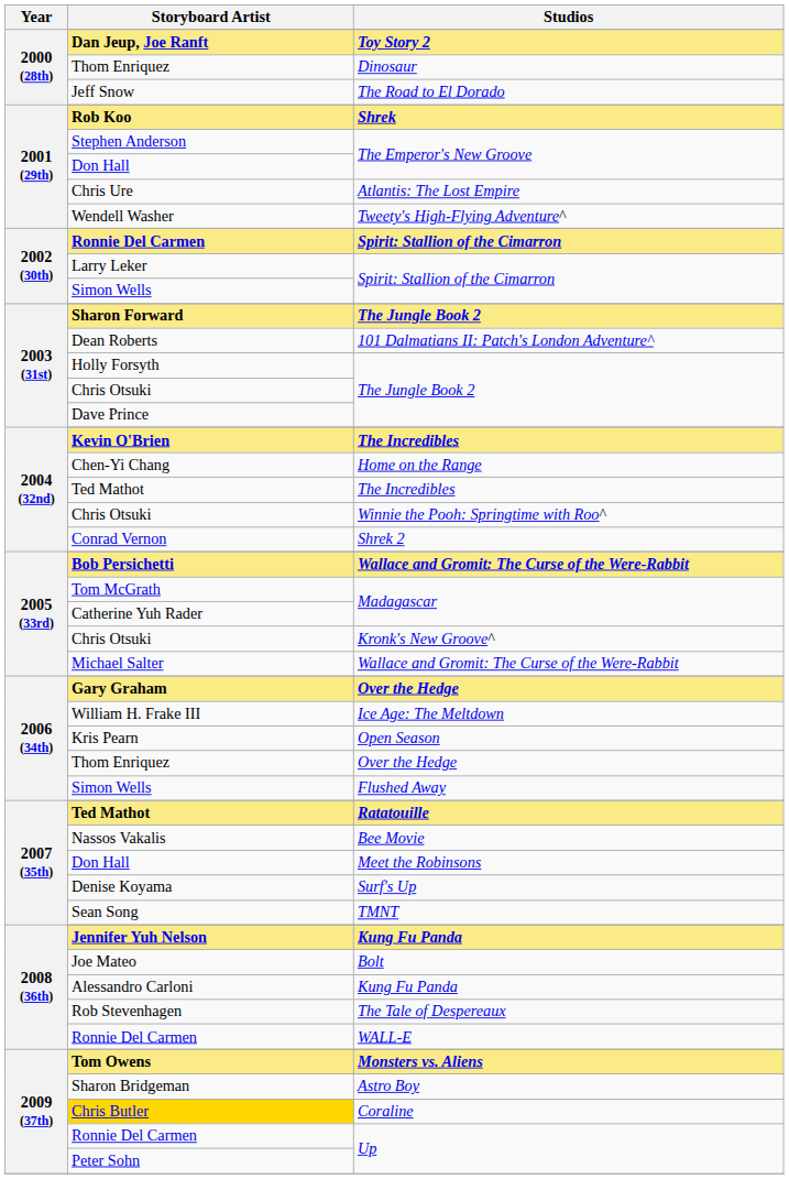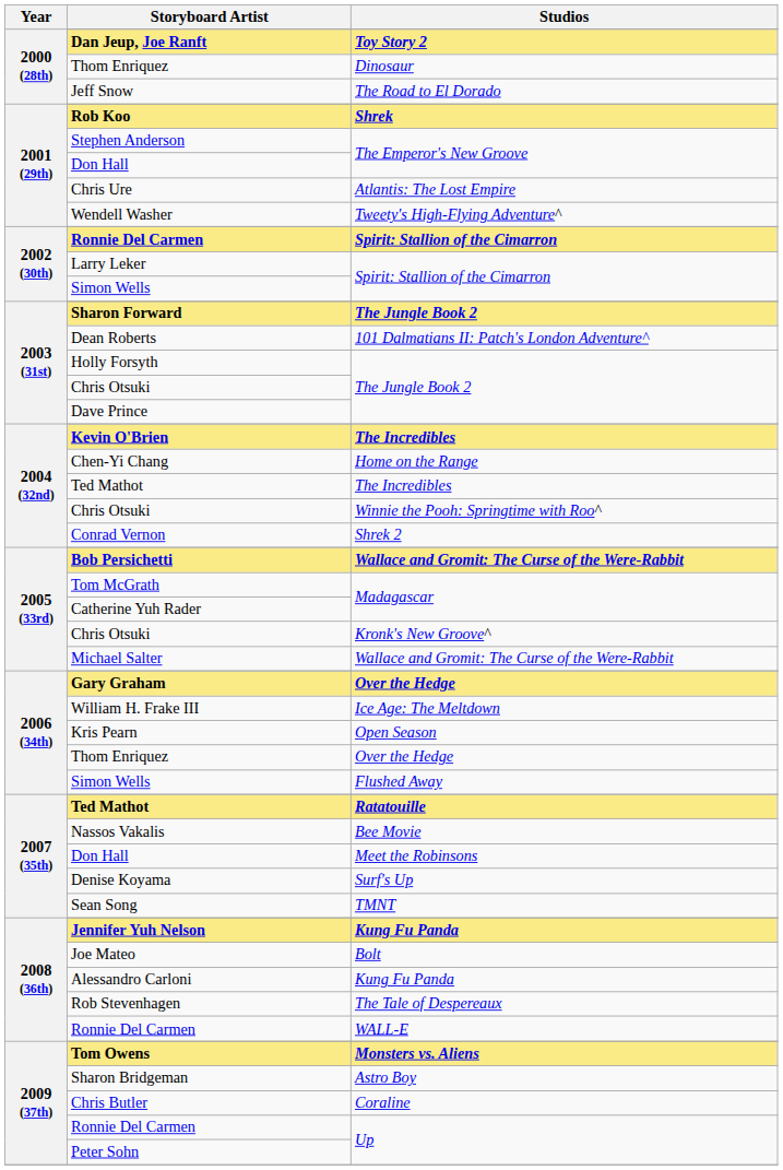 <table class="wikitable" style="width:90%;">
 <tr>
 <th style="width:3%;">Year</th>
 <th style="width:20%;">Storyboard Artist</th>
 <th style="width:30%;">Studios</th>
 </tr>
 <tr>
 <th rowspan="4" style="text-align:center;">2000 <br><small>(<a href='#'>28th</a>)</small><br></th>
 </tr>
 <tr>
 <td style="background:#FAEB86;"><strong>Dan Jeup, <a href='#'>Joe Ranft</a></strong></td>
 <td style="background:#FAEB86;"><strong><em><a href='#'>Toy Story 2</a></em></strong></td>
 </tr>
 <tr>
 <td>Thom Enriquez</td>
 <td><em><a href='#'>Dinosaur</a></em></td>
 </tr>
 <tr>
 <td>Jeff Snow</td>
 <td><em><a href='#'>The Road to El Dorado</a></em></td>
 </tr>
 <tr>
 <th rowspan="6" style="text-align:center;">2001 <br><small>(<a href='#'>29th</a>)</small><br></th>
 </tr>
 <tr>
 <td style="background:#FAEB86;"><strong>Rob Koo</strong></td>
 <td style="background:#FAEB86;"><strong><em><a href='#'>Shrek</a></em></strong></td>
 </tr>
 <tr>
 <td><a href='#'>Stephen Anderson</a></td>
 <td rowspan="2"><em><a href='#'>The Emperor's New Groove</a></em></td>
 </tr>
 <tr>
 <td><a href='#'>Don Hall</a></td>
 </tr>
 <tr>
 <td>Chris Ure</td>
 <td><em><a href='#'>Atlantis: The Lost Empire</a></em></td>
 </tr>
 <tr>
 <td>Wendell Washer</td>
 <td><em><a href='#'>Tweety's High-Flying Adventure</a></em>^</td>
 </tr>
 <tr>
 <th rowspan="4" style="text-align:center;">2002 <br><small>(<a href='#'>30th</a>)</small><br></th>
 </tr>
 <tr>
 <td style="background:#FAEB86;"><strong><a href='#'>Ronnie Del Carmen</a></strong></td>
 <td style="background:#FAEB86;"><strong><em><a href='#'>Spirit: Stallion of the Cimarron</a></em></strong></td>
 </tr>
 <tr>
 <td>Larry Leker</td>
 <td rowspan="2"><em><a href='#'>Spirit: Stallion of the Cimarron</a></em></td>
 </tr>
 <tr>
 <td><a href='#'>Simon Wells</a></td>
 </tr>
 <tr>
 <th rowspan="6" style="text-align:center;">2003 <br><small>(<a href='#'>31st</a>)</small><br></th>
 </tr>
 <tr>
 <td style="background:#FAEB86;"><strong>Sharon Forward</strong></td>
 <td style="background:#FAEB86;"><strong><em><a href='#'>The Jungle Book 2</a></em></strong></td>
 </tr>
 <tr>
 <td>Dean Roberts</td>
 <td><a href='#'><em>101 Dalmatians II: Patch's London Adventure^</em></a></td>
 </tr>
 <tr>
 <td>Holly Forsyth</td>
 <td rowspan="3"><em><a href='#'>The Jungle Book 2</a></em></td>
 </tr>
 <tr>
 <td>Chris Otsuki</td>
 </tr>
 <tr>
 <td>Dave Prince</td>
 </tr>
 <tr>
 <th rowspan="6" style="text-align:center;">2004 <br><small>(<a href='#'>32nd</a>)</small><br></th>
 </tr>
 <tr>
 <td style="background:#FAEB86;"><strong><a href='#'>Kevin O'Brien</a></strong></td>
 <td style="background:#FAEB86;"><strong><em><a href='#'>The Incredibles</a></em></strong></td>
 </tr>
 <tr>
 <td>Chen-Yi Chang</td>
 <td><em><a href='#'>Home on the Range</a></em></td>
 </tr>
 <tr>
 <td>Ted Mathot</td>
 <td><em><a href='#'>The Incredibles</a></em></td>
 </tr>
 <tr>
 <td>Chris Otsuki</td>
 <td><em><a href='#'>Winnie the Pooh: Springtime with Roo</a></em>^</td>
 </tr>
 <tr>
 <td><a href='#'>Conrad Vernon</a></td>
 <td><em><a href='#'>Shrek 2</a></em></td>
 </tr>
 <tr>
 <th rowspan="6" style="text-align:center;">2005 <br><small>(<a href='#'>33rd</a>)</small><br></th>
 </tr>
 <tr>
 <td style="background:#FAEB86;"><strong><a href='#'>Bob Persichetti</a></strong></td>
 <td style="background:#FAEB86;"><strong><em><a href='#'>Wallace and Gromit: The Curse of the Were-Rabbit</a></em></strong></td>
 </tr>
 <tr>
 <td><a href='#'>Tom McGrath</a></td>
 <td rowspan="2"><a href='#'><em>Madagascar</em></a></td>
 </tr>
 <tr>
 <td>Catherine Yuh Rader</td>
 </tr>
 <tr>
 <td>Chris Otsuki</td>
 <td><em><a href='#'>Kronk's New Groove</a></em>^</td>
 </tr>
 <tr>
 <td><a href='#'>Michael Salter</a></td>
 <td><em><a href='#'>Wallace and Gromit: The Curse of the Were-Rabbit</a></em></td>
 </tr>
 <tr>
 <th rowspan="6" style="text-align:center;">2006 <br><small>(<a href='#'>34th</a>)</small><br></th>
 </tr>
 <tr>
 <td style="background:#FAEB86;"><strong>Gary Graham</strong></td>
 <td style="background:#FAEB86;"><strong><em><a href='#'>Over the Hedge</a></em></strong></td>
 </tr>
 <tr>
 <td>William H. Frake III</td>
 <td><em><a href='#'>Ice Age: The Meltdown</a></em></td>
 </tr>
 <tr>
 <td>Kris Pearn</td>
 <td><em><a href='#'>Open Season</a></em></td>
 </tr>
 <tr>
 <td>Thom Enriquez</td>
 <td><em><a href='#'>Over the Hedge</a></em></td>
 </tr>
 <tr>
 <td><a href='#'>Simon Wells</a></td>
 <td><em><a href='#'>Flushed Away</a></em></td>
 </tr>
 <tr>
 <th rowspan="6" style="text-align:center;">2007 <br><small>(<a href='#'>35th</a>)</small><br></th>
 </tr>
 <tr>
 <td style="background:#FAEB86;"><strong>Ted Mathot</strong></td>
 <td style="background:#FAEB86;"><strong><em><a href='#'>Ratatouille</a></em></strong></td>
 </tr>
 <tr>
 <td>Nassos Vakalis</td>
 <td><em><a href='#'>Bee Movie</a></em></td>
 </tr>
 <tr>
 <td><a href='#'>Don Hall</a></td>
 <td><em><a href='#'>Meet the Robinsons</a></em></td>
 </tr>
 <tr>
 <td>Denise Koyama</td>
 <td><em><a href='#'>Surf's Up</a></em></td>
 </tr>
 <tr>
 <td>Sean Song</td>
 <td><a href='#'><em>TMNT</em></a></td>
 </tr>
 <tr>
 <th rowspan="6" style="text-align:center;">2008 <br><small>(<a href='#'>36th</a>)</small><br></th>
 </tr>
 <tr>
 <td style="background:#FAEB86;"><strong><a href='#'>Jennifer Yuh Nelson</a></strong></td>
 <td style="background:#FAEB86;"><strong><em><a href='#'>Kung Fu Panda</a></em></strong></td>
 </tr>
 <tr>
 <td>Joe Mateo</td>
 <td><a href='#'><em>Bolt</em></a></td>
 </tr>
 <tr>
 <td>Alessandro Carloni</td>
 <td><em><a href='#'>Kung Fu Panda</a></em></td>
 </tr>
 <tr>
 <td>Rob Stevenhagen</td>
 <td><em><a href='#'>The Tale of Despereaux</a></em></td>
 </tr>
 <tr>
 <td><a href='#'>Ronnie Del Carmen</a></td>
 <td><em><a href='#'>WALL-E</a></em></td>
 </tr>
 <tr>
 <th rowspan="6" style="text-align:center;">2009 <br><small>(<a href='#'>37th</a>)</small><br></th>
 </tr>
 <tr>
 <td style="background:#FAEB86;"><strong>Tom Owens</strong></td>
 <td style="background:#FAEB86;"><strong><em><a href='#'>Monsters vs. Aliens</a></em></strong></td>
 </tr>
 <tr>
 <td>Sharon Bridgeman</td>
 <td><a href='#'><em>Astro Boy</em></a></td>
 </tr>
 <tr>
-<td style="background: gold;"><a href='#'>Chris Butler</a></td>
+<td><a href='#'>Chris Butler</a></td>
 <td><a href='#'><em>Coraline</em></a></td>
 </tr>
 <tr>
 <td><a href='#'>Ronnie Del Carmen</a></td>
 <td rowspan="2"><a href='#'><em>Up</em></a></td>
 </tr>
 <tr>
 <td><a href='#'>Peter Sohn</a></td>
 </tr>
 <tr>
 </tr>
 </table>
